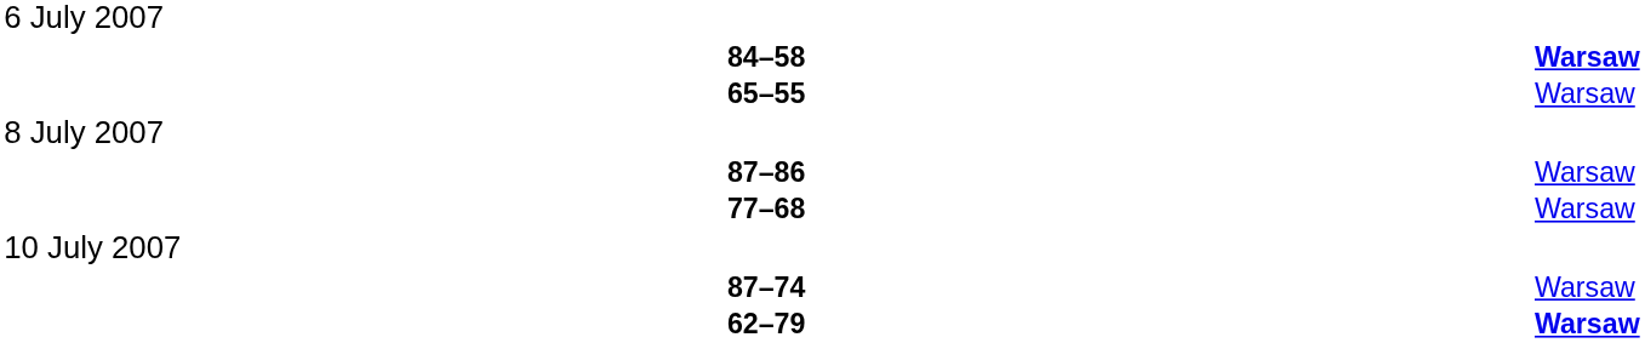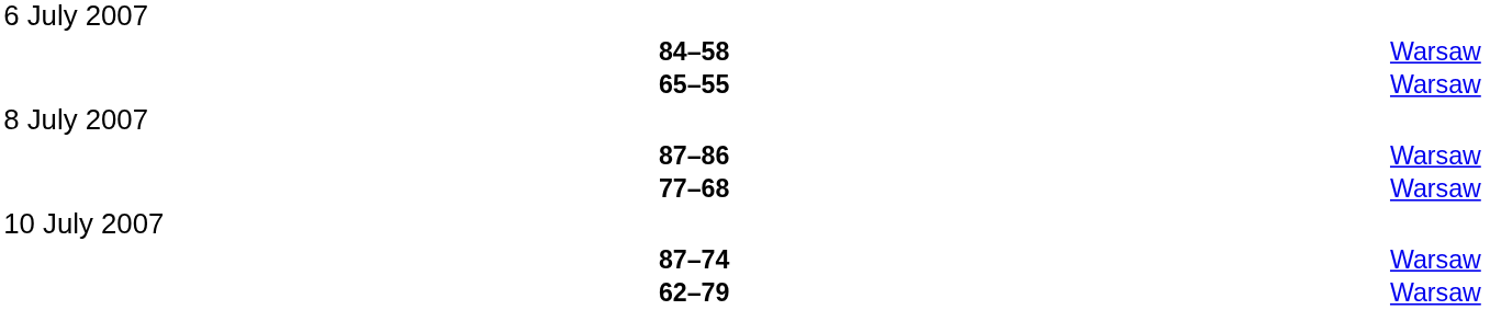 <table style="width:100%;" cellspacing="1">
 <tr>
 <th width=25%></th>
 <th width=3%></th>
 <th width=6%></th>
 <th width=3%></th>
 <th width=25%></th>
 </tr>
 <tr>
 <td>6 July 2007</td>
 </tr>
 <tr style=font-size:90%>
 <td align=right><strong></strong></td>
 <td></td>
 <td align=center><strong>84–58</strong></td>
 <td></td>
 <td><strong></strong></td>
-<td><strong><a href='#'>Warsaw</a></strong></td>
+<td><a href='#'>Warsaw</a></td>
 </tr>
 <tr style=font-size:90%>
 <td align=right><strong></strong></td>
 <td></td>
 <td align=center><strong>65–55</strong></td>
 <td></td>
 <td><strong></strong></td>
 <td><a href='#'>Warsaw</a></td>
 </tr>
 <tr>
 <td>8 July 2007</td>
 </tr>
 <tr style=font-size:90%>
 <td align=right><strong></strong></td>
 <td></td>
 <td align=center><strong>87–86</strong></td>
 <td></td>
 <td><strong></strong></td>
 <td><a href='#'>Warsaw</a></td>
 </tr>
 <tr style=font-size:90%>
 <td align=right><strong></strong></td>
 <td></td>
 <td align=center><strong>77–68</strong></td>
 <td></td>
 <td><strong></strong></td>
 <td><a href='#'>Warsaw</a></td>
 </tr>
 <tr>
 <td>10 July 2007</td>
 </tr>
 <tr style=font-size:90%>
 <td align=right><strong></strong></td>
 <td></td>
 <td align=center><strong>87–74</strong></td>
 <td></td>
 <td><strong></strong></td>
 <td><a href='#'>Warsaw</a></td>
 </tr>
 <tr style=font-size:90%>
 <td align=right><strong></strong></td>
 <td></td>
 <td align=center><strong>62–79</strong></td>
 <td></td>
 <td><strong></strong></td>
-<td><strong><a href='#'>Warsaw</a></strong></td>
+<td><a href='#'>Warsaw</a></td>
 </tr>
 </table>
